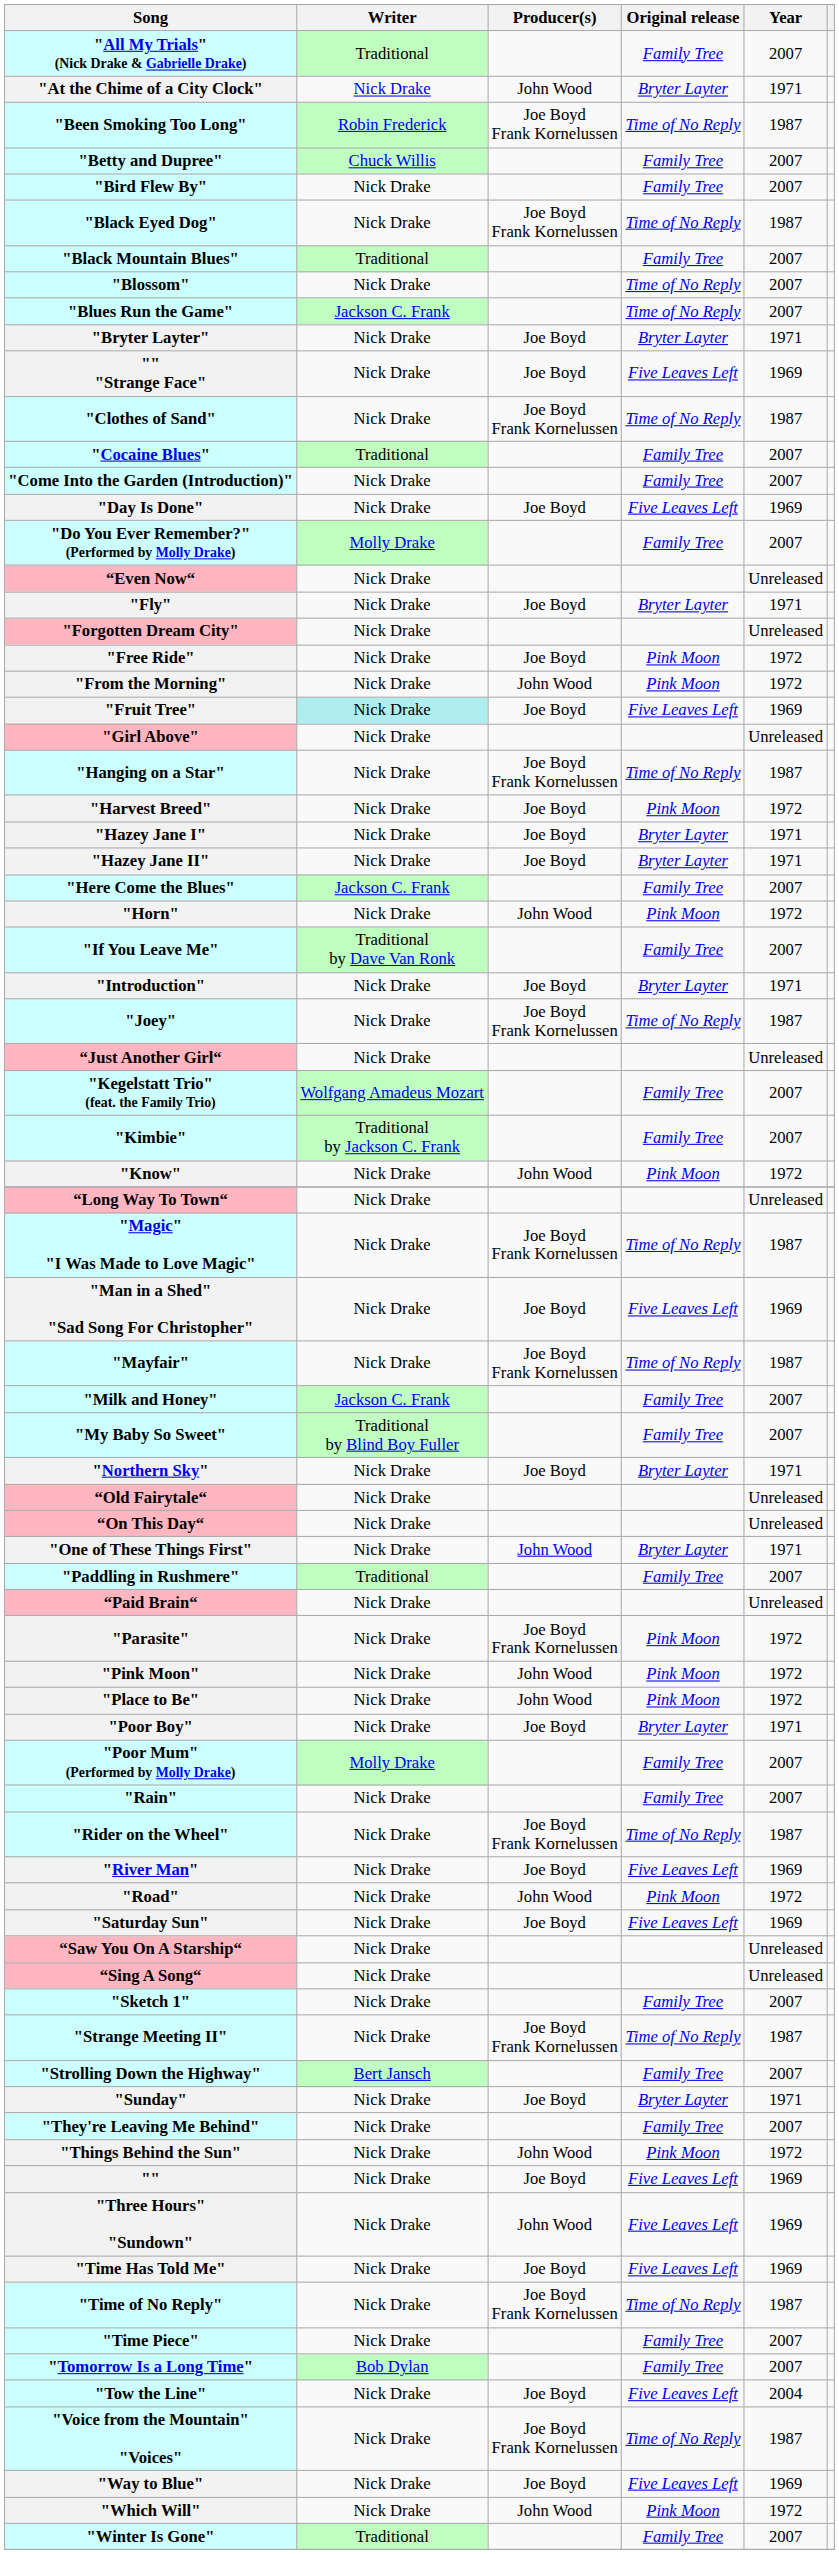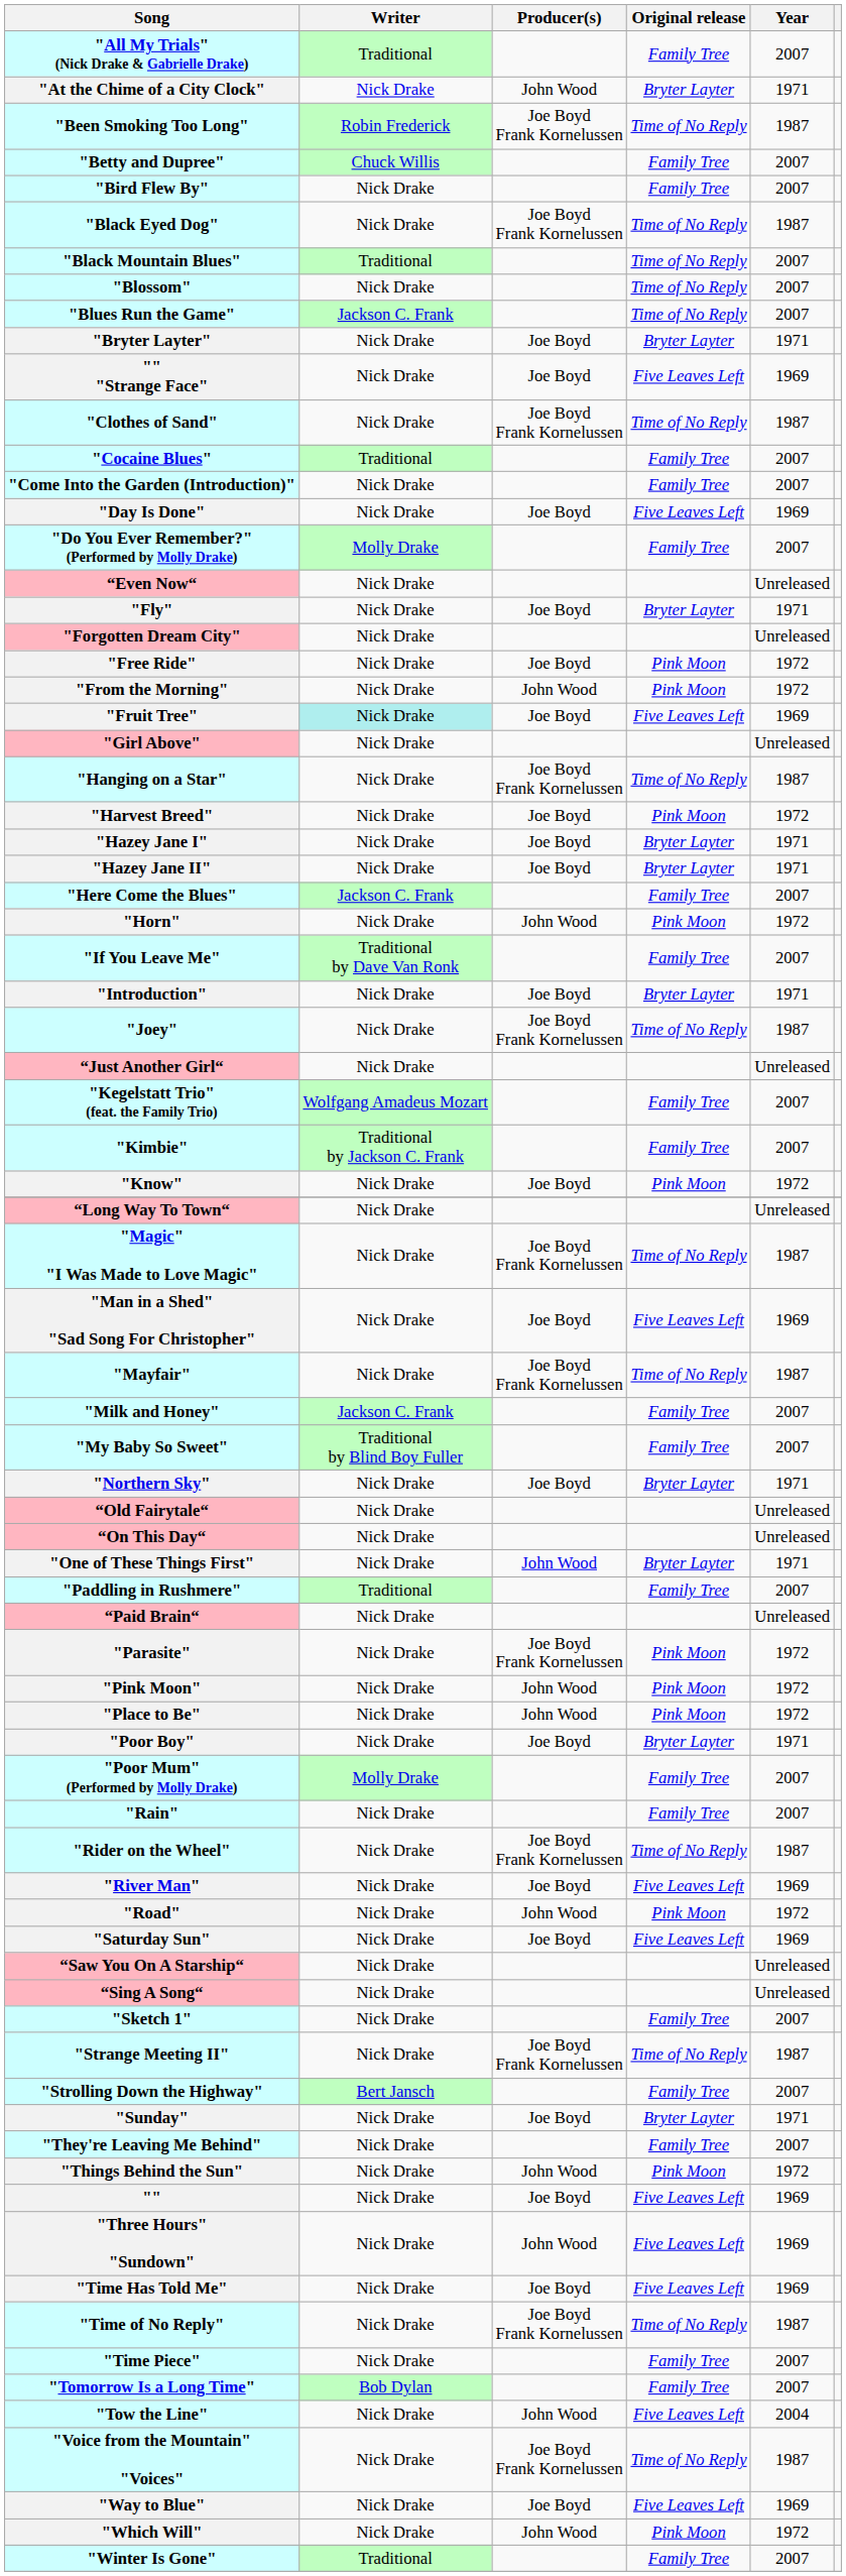 <table class="wikitable sortable plainrowheaders" style="text-align:center;">
 <tr>
 <th scope="col">Song</th>
 <th scope="col" class="unsortable">Writer</th>
 <th scope="col" class="unsortable">Producer(s)</th>
 <th scope="col">Original release</th>
 <th scope="col">Year</th>
 <th scope="col" class="unsortable"></th>
 </tr>
 <tr>
 <th scope="row" style="background-color:#CCFFFF"> "<a href='#'>All My Trials</a>" <br><small>(Nick Drake & <a href='#'>Gabrielle Drake</a>)</small></th>
 <td style="background-color:#BFFFC0">Traditional </td>
 <td></td>
 <td><em><a href='#'>Family Tree</a></em></td>
 <td>2007</td>
 <td></td>
 </tr>
 <tr>
 <th scope="row">"At the Chime of a City Clock"</th>
 <td><a href='#'>Nick Drake</a></td>
 <td>John Wood</td>
 <td><em><a href='#'>Bryter Layter</a></em></td>
 <td>1971</td>
 <td></td>
 </tr>
 <tr>
 <th scope="row" style="background-color:#CCFFFF"> "Been Smoking Too Long" </th>
 <td style="background-color:#BFFFC0"><a href='#'>Robin Frederick</a> </td>
 <td>Joe Boyd<br>Frank Kornelussen</td>
 <td><em><a href='#'>Time of No Reply</a></em></td>
 <td>1987</td>
 <td></td>
 </tr>
 <tr>
 <th scope="row" style="background-color:#CCFFFF">"Betty and Dupree" </th>
 <td style="background-color:#BFFFC0"><a href='#'>Chuck Willis</a> </td>
 <td></td>
 <td><em><a href='#'>Family Tree</a></em></td>
 <td>2007</td>
 <td></td>
 </tr>
 <tr>
 <th scope="row" style="background-color:#CCFFFF">"Bird Flew By" </th>
 <td>Nick Drake</td>
 <td></td>
 <td><em><a href='#'>Family Tree</a></em></td>
 <td>2007</td>
 <td></td>
 </tr>
 <tr>
 <th scope="row" style="background-color:#CCFFFF">"Black Eyed Dog" </th>
 <td>Nick Drake</td>
 <td>Joe Boyd<br>Frank Kornelussen</td>
 <td><em><a href='#'>Time of No Reply</a></em></td>
 <td>1987</td>
 <td></td>
 </tr>
 <tr>
 <th scope="row" style="background-color:#CCFFFF">"Black Mountain Blues" </th>
 <td style="background-color:#BFFFC0">Traditional </td>
 <td></td>
-<td><em><a href='#'>Family Tree</a></em></td>
+<td><em><a href='#'>Time of No Reply</a></em></td>
 <td>2007</td>
 <td></td>
 </tr>
 <tr>
 <th scope="row" style="background-color:#CCFFFF">"Blossom" </th>
 <td>Nick Drake</td>
 <td></td>
 <td><em><a href='#'>Time of No Reply</a></em></td>
 <td>2007</td>
 <td></td>
 </tr>
 <tr>
 <th scope="row" style="background-color:#CCFFFF">"Blues Run the Game" </th>
 <td style="background-color:#BFFFC0"><a href='#'>Jackson C. Frank</a> </td>
 <td></td>
 <td><em><a href='#'>Time of No Reply</a></em></td>
 <td>2007</td>
 <td></td>
 </tr>
 <tr>
 <th scope="row">"Bryter Layter"</th>
 <td>Nick Drake</td>
 <td>Joe Boyd</td>
 <td><em><a href='#'>Bryter Layter</a></em></td>
 <td>1971</td>
 <td></td>
 </tr>
 <tr>
 <th scope="row"> "" <br> "Strange Face" <br></th>
 <td>Nick Drake</td>
 <td>Joe Boyd</td>
 <td><em><a href='#'>Five Leaves Left</a></em></td>
 <td>1969</td>
 <td></td>
 </tr>
 <tr>
 <th scope="row" style="background-color:#CCFFFF">"Clothes of Sand" </th>
 <td>Nick Drake</td>
 <td>Joe Boyd<br>Frank Kornelussen</td>
 <td><em><a href='#'>Time of No Reply</a></em></td>
 <td>1987</td>
 <td></td>
 </tr>
 <tr>
 <th scope="row" style="background-color:#CCFFFF">"<a href='#'>Cocaine Blues</a>" </th>
 <td style="background-color:#BFFFC0">Traditional </td>
 <td></td>
 <td><em><a href='#'>Family Tree</a></em></td>
 <td>2007</td>
 <td></td>
 </tr>
 <tr>
 <th scope="row" style="background-color:#CCFFFF">"Come Into the Garden (Introduction)" </th>
 <td>Nick Drake</td>
 <td></td>
 <td><em><a href='#'>Family Tree</a></em></td>
 <td>2007</td>
 <td></td>
 </tr>
 <tr>
 <th scope="row"> "Day Is Done"</th>
 <td>Nick Drake</td>
 <td>Joe Boyd</td>
 <td><em><a href='#'>Five Leaves Left</a></em></td>
 <td>1969</td>
 <td></td>
 </tr>
 <tr>
 <th scope="row" style="background-color:#CCFFFF">"Do You Ever Remember?" <br><small>(Performed by <a href='#'>Molly Drake</a>)</small></th>
 <td style="background-color:#BFFFC0"><a href='#'>Molly Drake</a> </td>
 <td></td>
 <td><em><a href='#'>Family Tree</a></em></td>
 <td>2007</td>
 <td></td>
 </tr>
 <tr>
 <th scope="row" style="background-color:#FFB6C1"> “Even Now“</th>
 <td>Nick Drake</td>
 <td></td>
 <td></td>
 <td>Unreleased</td>
 <td></td>
 </tr>
 <tr>
 <th scope="row"> "Fly"</th>
 <td>Nick Drake</td>
 <td>Joe Boyd</td>
 <td><em><a href='#'>Bryter Layter</a></em></td>
 <td>1971</td>
 <td></td>
 </tr>
 <tr>
 <th scope="row" style="background-color:#FFB6C1">"Forgotten Dream City"</th>
 <td>Nick Drake</td>
 <td></td>
 <td></td>
 <td>Unreleased</td>
 <td></td>
 </tr>
 <tr>
 <th scope="row">"Free Ride"</th>
 <td>Nick Drake</td>
 <td>Joe Boyd</td>
 <td><em><a href='#'>Pink Moon</a></em></td>
 <td>1972</td>
 <td></td>
 </tr>
 <tr>
 <th scope="row">"From the Morning"</th>
 <td>Nick Drake</td>
 <td>John Wood</td>
 <td><em><a href='#'>Pink Moon</a></em></td>
 <td>1972</td>
 <td></td>
 </tr>
 <tr>
 <th scope="row">"Fruit Tree"</th>
 <td style="background: paleturquoise;">Nick Drake</td>
 <td>Joe Boyd</td>
 <td><em><a href='#'>Five Leaves Left</a></em></td>
 <td>1969</td>
 <td></td>
 </tr>
 <tr>
 <th scope="row" style="background-color:#FFB6C1"> "Girl Above"</th>
 <td>Nick Drake</td>
 <td></td>
 <td></td>
 <td>Unreleased</td>
 <td></td>
 </tr>
 <tr>
 <th scope="row" style="background-color:#CCFFFF"> "Hanging on a Star" </th>
 <td>Nick Drake</td>
 <td>Joe Boyd<br>Frank Kornelussen</td>
 <td><em><a href='#'>Time of No Reply</a></em></td>
 <td>1987</td>
 <td></td>
 </tr>
 <tr>
 <th scope="row">"Harvest Breed"</th>
 <td>Nick Drake</td>
 <td>Joe Boyd</td>
 <td><em><a href='#'>Pink Moon</a></em></td>
 <td>1972</td>
 <td></td>
 </tr>
 <tr>
 <th scope="row">"Hazey Jane I"</th>
 <td>Nick Drake</td>
 <td>Joe Boyd</td>
 <td><em><a href='#'>Bryter Layter</a></em></td>
 <td>1971</td>
 <td></td>
 </tr>
 <tr>
 <th scope="row">"Hazey Jane II"</th>
 <td>Nick Drake</td>
 <td>Joe Boyd</td>
 <td><em><a href='#'>Bryter Layter</a></em></td>
 <td>1971</td>
 <td></td>
 </tr>
 <tr>
 <th scope="row" style="background-color:#CCFFFF">"Here Come the Blues" </th>
 <td style="background-color:#BFFFC0"><a href='#'>Jackson C. Frank</a> </td>
 <td></td>
 <td><em><a href='#'>Family Tree</a></em></td>
 <td>2007</td>
 <td></td>
 </tr>
 <tr>
 <th scope="row">"Horn"</th>
 <td>Nick Drake</td>
 <td>John Wood</td>
 <td><em><a href='#'>Pink Moon</a></em></td>
 <td>1972</td>
 <td></td>
 </tr>
 <tr>
 <th scope="row" style="background-color:#CCFFFF"> "If You Leave Me" </th>
 <td style="background-color:#BFFFC0">Traditional <br>by <a href='#'>Dave Van Ronk</a> </td>
 <td></td>
 <td><em><a href='#'>Family Tree</a></em></td>
 <td>2007</td>
 <td></td>
 </tr>
 <tr>
 <th scope="row">"Introduction"</th>
 <td>Nick Drake</td>
 <td>Joe Boyd</td>
 <td><em><a href='#'>Bryter Layter</a></em></td>
 <td>1971</td>
 <td></td>
 </tr>
 <tr>
 <th scope="row" style="background-color:#CCFFFF"> "Joey" </th>
 <td>Nick Drake</td>
 <td>Joe Boyd<br>Frank Kornelussen</td>
 <td><em><a href='#'>Time of No Reply</a></em></td>
 <td>1987</td>
 <td></td>
 </tr>
 <tr>
 <th scope="row" style="background-color:#FFB6C1">“Just Another Girl“</th>
 <td>Nick Drake</td>
 <td></td>
 <td></td>
 <td>Unreleased</td>
 <td></td>
 </tr>
 <tr>
 <th scope="row" style="background-color:#CCFFFF"> "Kegelstatt Trio" <br><small>(feat. the Family Trio)</small></th>
 <td style="background-color:#BFFFC0"><a href='#'>Wolfgang Amadeus Mozart</a> </td>
 <td></td>
 <td><em><a href='#'>Family Tree</a></em></td>
 <td>2007</td>
 <td></td>
 </tr>
 <tr>
 <th scope="row" style="background-color:#CCFFFF">"Kimbie" </th>
 <td style="background-color:#BFFFC0">Traditional <br>by <a href='#'>Jackson C. Frank</a> </td>
 <td></td>
 <td><em><a href='#'>Family Tree</a></em></td>
 <td>2007</td>
 <td></td>
 </tr>
 <tr>
 <th scope="row">"Know"</th>
 <td>Nick Drake</td>
-<td>John Wood</td>
+<td>Joe Boyd</td>
 <td><em><a href='#'>Pink Moon</a></em></td>
 <td>1972</td>
 <td></td>
 </tr>
 <tr>
 </tr>
 <tr>
 <th scope="row" style="background-color:#FFB6C1">“Long Way To Town“</th>
 <td>Nick Drake</td>
 <td></td>
 <td></td>
 <td>Unreleased</td>
 <td></td>
 </tr>
 <tr>
 <th scope="row" style="background-color:#CCFFFF"> "<a href='#'>Magic</a>"<br><br>"I Was Made to Love Magic" </th>
 <td>Nick Drake</td>
 <td>Joe Boyd<br>Frank Kornelussen</td>
 <td><em><a href='#'>Time of No Reply</a></em></td>
 <td>1987</td>
 <td></td>
 </tr>
 <tr>
 <th scope="row">"Man in a Shed"<br><br> "Sad Song For Christopher"</th>
 <td>Nick Drake</td>
 <td>Joe Boyd</td>
 <td><em><a href='#'>Five Leaves Left</a></em></td>
 <td>1969</td>
 <td></td>
 </tr>
 <tr>
 <th scope="row" style="background-color:#CCFFFF">"Mayfair" </th>
 <td>Nick Drake</td>
 <td>Joe Boyd<br>Frank Kornelussen</td>
 <td><em><a href='#'>Time of No Reply</a></em></td>
 <td>1987</td>
 <td></td>
 </tr>
 <tr>
 <th scope="row" style="background-color:#CCFFFF">"Milk and Honey" </th>
 <td style="background-color:#BFFFC0"><a href='#'>Jackson C. Frank</a> </td>
 <td></td>
 <td><em><a href='#'>Family Tree</a></em></td>
 <td>2007</td>
 <td></td>
 </tr>
 <tr>
 <th scope="row" style="background-color:#CCFFFF">"My Baby So Sweet" </th>
 <td style="background-color:#BFFFC0">Traditional <br>by <a href='#'>Blind Boy Fuller</a> </td>
 <td></td>
 <td><em><a href='#'>Family Tree</a></em></td>
 <td>2007</td>
 <td></td>
 </tr>
 <tr>
 <th scope="row"> "<a href='#'>Northern Sky</a>"</th>
 <td>Nick Drake</td>
 <td>Joe Boyd</td>
 <td><em><a href='#'>Bryter Layter</a></em></td>
 <td>1971</td>
 <td></td>
 </tr>
 <tr>
 <th scope="row" style="background-color:#FFB6C1">“Old Fairytale“</th>
 <td>Nick Drake</td>
 <td></td>
 <td></td>
 <td>Unreleased</td>
 <td></td>
 </tr>
 <tr>
 <th scope="row" style="background-color:#FFB6C1">“On This Day“</th>
 <td>Nick Drake</td>
 <td></td>
 <td></td>
 <td>Unreleased</td>
 <td></td>
 </tr>
 <tr>
 <th scope="row">"One of These Things First"</th>
 <td>Nick Drake</td>
 <td><a href='#'>John Wood</a></td>
 <td><em><a href='#'>Bryter Layter</a></em></td>
 <td>1971</td>
 <td></td>
 </tr>
 <tr>
 <th scope="row" style="background-color:#CCFFFF"> "Paddling in Rushmere" </th>
 <td style="background-color:#BFFFC0">Traditional </td>
 <td></td>
 <td><em><a href='#'>Family Tree</a></em></td>
 <td>2007</td>
 <td></td>
 </tr>
 <tr>
 <th scope="row" style="background-color:#FFB6C1">“Paid Brain“</th>
 <td>Nick Drake</td>
 <td></td>
 <td></td>
 <td>Unreleased</td>
 <td></td>
 </tr>
 <tr>
 <th scope="row">"Parasite"</th>
 <td>Nick Drake</td>
 <td>Joe Boyd<br>Frank Kornelussen</td>
 <td><em><a href='#'>Pink Moon</a></em></td>
 <td>1972</td>
 <td></td>
 </tr>
 <tr>
 <th scope="row">"Pink Moon"</th>
 <td>Nick Drake</td>
 <td>John Wood</td>
 <td><em><a href='#'>Pink Moon</a></em></td>
 <td>1972</td>
 <td></td>
 </tr>
 <tr>
 <th scope="row">"Place to Be"</th>
 <td>Nick Drake</td>
 <td>John Wood</td>
 <td><em><a href='#'>Pink Moon</a></em></td>
 <td>1972</td>
 <td></td>
 </tr>
 <tr>
 <th scope="row">"Poor Boy"</th>
 <td>Nick Drake</td>
 <td>Joe Boyd</td>
 <td><em><a href='#'>Bryter Layter</a></em></td>
 <td>1971</td>
 <td></td>
 </tr>
 <tr>
 <th scope="row" style="background-color:#CCFFFF">"Poor Mum" <br><small>(Performed by <a href='#'>Molly Drake</a>)</small></th>
 <td style="background-color:#BFFFC0"><a href='#'>Molly Drake</a> </td>
 <td></td>
 <td><em><a href='#'>Family Tree</a></em></td>
 <td>2007</td>
 <td></td>
 </tr>
 <tr>
 <th scope="row" style="background-color:#CCFFFF"> "Rain" </th>
 <td>Nick Drake</td>
 <td></td>
 <td><em><a href='#'>Family Tree</a></em></td>
 <td>2007</td>
 <td></td>
 </tr>
 <tr>
 <th scope="row" style="background-color:#CCFFFF">"Rider on the Wheel" </th>
 <td>Nick Drake</td>
 <td>Joe Boyd<br>Frank Kornelussen</td>
 <td><em><a href='#'>Time of No Reply</a></em></td>
 <td>1987</td>
 <td></td>
 </tr>
 <tr>
 <th scope="row">"<a href='#'>River Man</a>"</th>
 <td>Nick Drake</td>
 <td>Joe Boyd</td>
 <td><em><a href='#'>Five Leaves Left</a></em></td>
 <td>1969</td>
 <td></td>
 </tr>
 <tr>
 <th scope="row">"Road"</th>
 <td>Nick Drake</td>
 <td>John Wood</td>
 <td><em><a href='#'>Pink Moon</a></em></td>
 <td>1972</td>
 <td></td>
 </tr>
 <tr>
 <th scope="row"> "Saturday Sun"</th>
 <td>Nick Drake</td>
 <td>Joe Boyd</td>
 <td><em><a href='#'>Five Leaves Left</a></em></td>
 <td>1969</td>
 <td></td>
 </tr>
 <tr>
 <th scope="row" style="background-color:#FFB6C1">“Saw You On A Starship“</th>
 <td>Nick Drake</td>
 <td></td>
 <td></td>
 <td>Unreleased</td>
 <td></td>
 </tr>
 <tr>
 <th scope="row" style="background-color:#FFB6C1">“Sing A Song“</th>
 <td>Nick Drake</td>
 <td></td>
 <td></td>
 <td>Unreleased</td>
 <td></td>
 </tr>
 <tr>
 <th scope="row" style="background-color:#CCFFFF">"Sketch 1" </th>
 <td>Nick Drake</td>
 <td></td>
 <td><em><a href='#'>Family Tree</a></em></td>
 <td>2007</td>
 <td></td>
 </tr>
 <tr>
 <th scope="row" style="background-color:#CCFFFF">"Strange Meeting II" </th>
 <td>Nick Drake</td>
 <td>Joe Boyd<br>Frank Kornelussen</td>
 <td><em><a href='#'>Time of No Reply</a></em></td>
 <td>1987</td>
 <td></td>
 </tr>
 <tr>
 <th scope="row" style="background-color:#CCFFFF">"Strolling Down the Highway" </th>
 <td style="background-color:#BFFFC0"><a href='#'>Bert Jansch</a> </td>
 <td></td>
 <td><em><a href='#'>Family Tree</a></em></td>
 <td>2007</td>
 <td></td>
 </tr>
 <tr>
 <th scope="row">"Sunday"</th>
 <td>Nick Drake</td>
 <td>Joe Boyd</td>
 <td><em><a href='#'>Bryter Layter</a></em></td>
 <td>1971</td>
 <td></td>
 </tr>
 <tr>
 <th scope="row" style="background-color:#CCFFFF"> "They're Leaving Me Behind" </th>
 <td>Nick Drake</td>
 <td></td>
 <td><em><a href='#'>Family Tree</a></em></td>
 <td>2007</td>
 <td></td>
 </tr>
 <tr>
 <th scope="row">"Things Behind the Sun"</th>
 <td>Nick Drake</td>
 <td>John Wood</td>
 <td><em><a href='#'>Pink Moon</a></em></td>
 <td>1972</td>
 <td></td>
 </tr>
 <tr>
 <th scope="row">""</th>
 <td>Nick Drake</td>
 <td>Joe Boyd</td>
 <td><em><a href='#'>Five Leaves Left</a></em></td>
 <td>1969</td>
 <td></td>
 </tr>
 <tr>
 <th scope="row">"Three Hours"<br><br>"Sundown"</th>
 <td>Nick Drake</td>
 <td>John Wood</td>
 <td><em><a href='#'>Five Leaves Left</a></em></td>
 <td>1969</td>
 <td></td>
 </tr>
 <tr>
 <th scope="row">"Time Has Told Me"</th>
 <td>Nick Drake</td>
 <td>Joe Boyd</td>
 <td><em><a href='#'>Five Leaves Left</a></em></td>
 <td>1969</td>
 <td></td>
 </tr>
 <tr>
 <th scope="row" style="background-color:#CCFFFF">"Time of No Reply" </th>
 <td>Nick Drake</td>
 <td>Joe Boyd<br>Frank Kornelussen</td>
 <td><em><a href='#'>Time of No Reply</a></em></td>
 <td>1987</td>
 <td></td>
 </tr>
 <tr>
 <th scope="row" style="background-color:#CCFFFF">"Time Piece" </th>
 <td>Nick Drake</td>
 <td></td>
 <td><em><a href='#'>Family Tree</a></em></td>
 <td>2007</td>
 <td></td>
 </tr>
 <tr>
 <th scope="row" style="background-color:#CCFFFF">"<a href='#'>Tomorrow Is a Long Time</a>" </th>
 <td style="background-color:#BFFFC0"><a href='#'>Bob Dylan</a> </td>
 <td></td>
 <td><em><a href='#'>Family Tree</a></em></td>
 <td>2007</td>
 <td></td>
 </tr>
 <tr>
 <th scope="row" style="background-color:#CCFFFF">"Tow the Line" </th>
 <td>Nick Drake</td>
-<td>Joe Boyd</td>
+<td>John Wood</td>
 <td><em><a href='#'>Five Leaves Left</a></em></td>
 <td>2004</td>
 <td></td>
 </tr>
 <tr>
 <th scope="row" style="background-color:#CCFFFF"> "Voice from the Mountain"<br><br>"Voices"</th>
 <td>Nick Drake</td>
 <td>Joe Boyd<br>Frank Kornelussen</td>
 <td><em><a href='#'>Time of No Reply</a></em></td>
 <td>1987</td>
 <td></td>
 </tr>
 <tr>
 <th scope="row"> "Way to Blue"</th>
 <td>Nick Drake</td>
 <td>Joe Boyd</td>
 <td><em><a href='#'>Five Leaves Left</a></em></td>
 <td>1969</td>
 <td></td>
 </tr>
 <tr>
 <th scope="row">"Which Will"</th>
 <td>Nick Drake</td>
 <td>John Wood</td>
 <td><em><a href='#'>Pink Moon</a></em></td>
 <td>1972</td>
 <td></td>
 </tr>
 <tr>
 <th scope="row" style="background-color:#CCFFFF">"Winter Is Gone" </th>
 <td style="background-color:#BFFFC0">Traditional </td>
 <td></td>
 <td><em><a href='#'>Family Tree</a></em></td>
 <td>2007</td>
 <td></td>
 </tr>
 <tr>
 </tr>
 </table>
